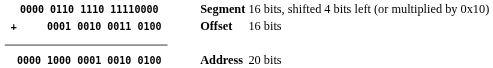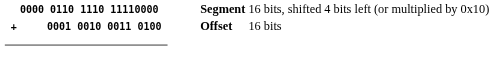 <table>
 <tr>
 <th style=width:18em><code> </code><code>0000 0110 1110 1111</code><code>0000</code></th>
 <td><strong>Segment</strong></td>
 <td>16 bits, shifted 4 bits left (or multiplied by 0x10)</td>
 </tr>
 <tr>
 <th style=width:18em><code>+     </code><code>0001 0010 0011 0100</code></th>
 <td><strong>Offset</strong></td>
 <td>16 bits</td>
 </tr>
 <tr style="text-decoration:line-through">
 <th style=width:18em><code>                           </code></th>
 <td></td>
 </tr>
-<tr>
-<th style=width:18em><code> </code><code>0000 1000 0001 0010 0100</code></th>
-<td><strong>Address</strong></td>
-<td>20 bits</td>
-</tr>
 </table>
